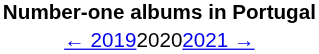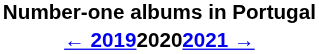 <table class="toc" id="toc" summary="Contents">
 <tr>
 <th>Number-one albums in Portugal</th>
 </tr>
 <tr>
-<td align="center"><a href='#'>← 2019</a>2020<a href='#'>2021 →</a></td>
+<td align="center"><strong><a href='#'>← 2019</a>2020<a href='#'>2021 →</a></strong></td>
 </tr>
 </table>
